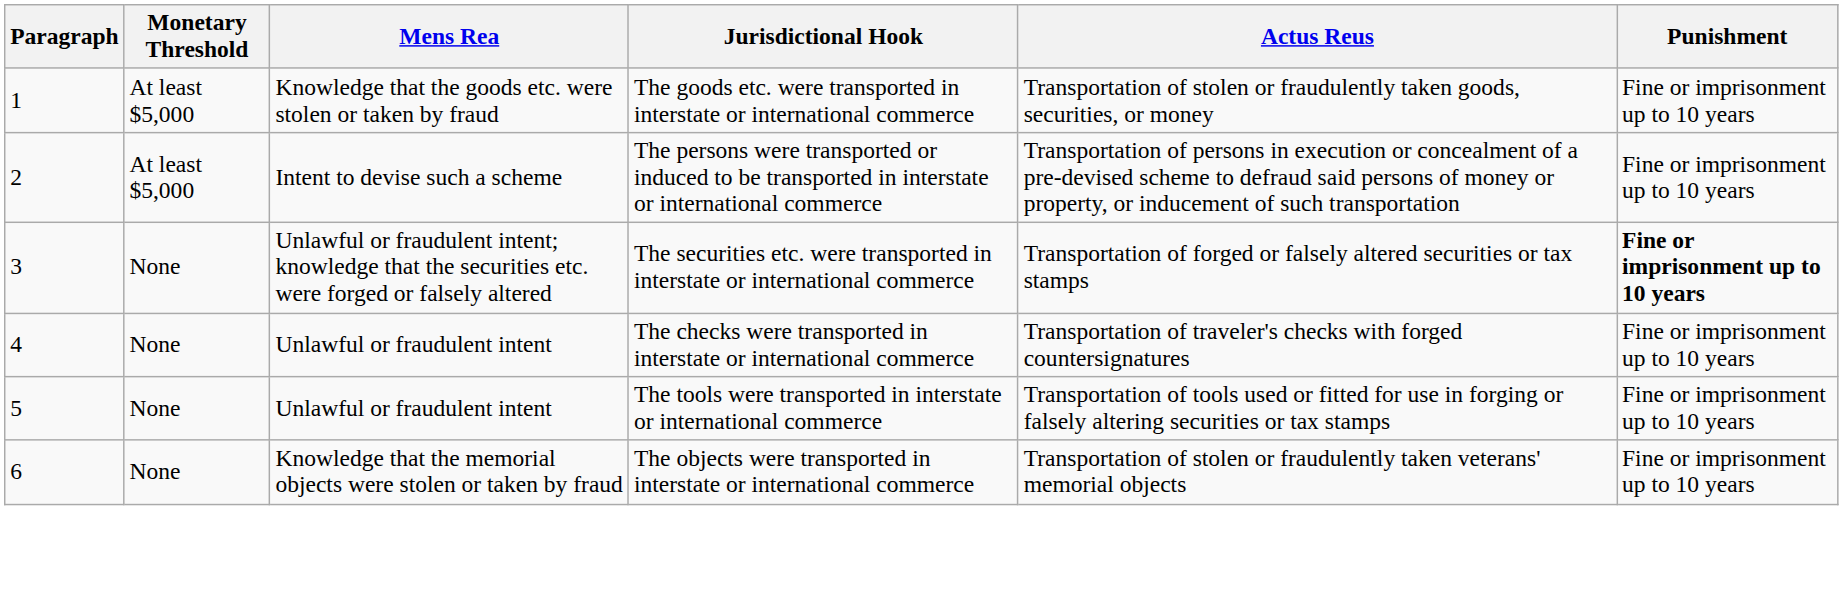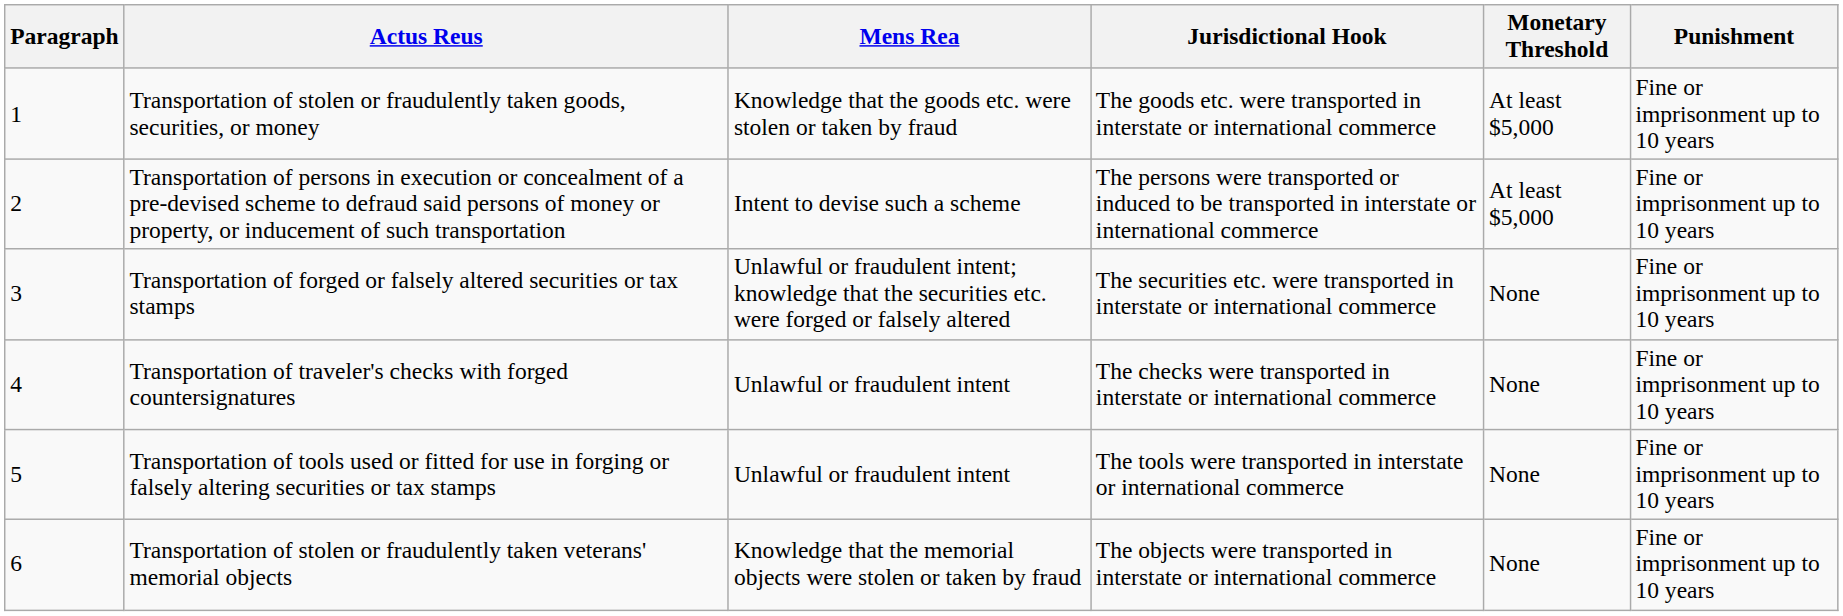 <table class="wikitable">
 <tr>
 <th>Paragraph</th>
-<th>Monetary Threshold</th>
+<th><a href='#'>Actus Reus</a></th>
 <th><a href='#'>Mens Rea</a></th>
 <th>Jurisdictional Hook</th>
-<th><a href='#'>Actus Reus</a></th>
+<th>Monetary Threshold</th>
 <th>Punishment</th>
 </tr>
 <tr>
 <td>1</td>
-<td>At least $5,000</td>
+<td>Transportation of stolen or fraudulently taken goods, securities, or money</td>
 <td>Knowledge that the goods etc. were stolen or taken by fraud</td>
 <td>The goods etc. were transported in interstate or international commerce</td>
-<td>Transportation of stolen or fraudulently taken goods, securities, or money</td>
+<td>At least $5,000</td>
 <td>Fine or imprisonment up to 10 years</td>
 </tr>
 <tr>
 <td>2</td>
-<td>At least $5,000</td>
+<td>Transportation of persons in execution or concealment of a pre-devised scheme to defraud said persons of money or property, or inducement of such transportation</td>
 <td>Intent to devise such a scheme</td>
 <td>The persons were transported or induced to be transported in interstate or international commerce</td>
-<td>Transportation of persons in execution or concealment of a pre-devised scheme to defraud said persons of money or property, or inducement of such transportation</td>
+<td>At least $5,000</td>
 <td>Fine or imprisonment up to 10 years</td>
 </tr>
 <tr>
 <td>3</td>
-<td>None</td>
+<td>Transportation of forged or falsely altered securities or tax stamps</td>
 <td>Unlawful or fraudulent intent; knowledge that the securities etc. were forged or falsely altered</td>
 <td>The securities etc. were transported in interstate or international commerce</td>
-<td>Transportation of forged or falsely altered securities or tax stamps</td>
-<td><strong>Fine or imprisonment up to 10 years</strong></td>
+<td>None</td>
+<td>Fine or imprisonment up to 10 years</td>
 </tr>
 <tr>
 <td>4</td>
-<td>None</td>
+<td>Transportation of traveler's checks with forged countersignatures</td>
 <td>Unlawful or fraudulent intent</td>
 <td>The checks were transported in interstate or international commerce</td>
-<td>Transportation of traveler's checks with forged countersignatures</td>
+<td>None</td>
 <td>Fine or imprisonment up to 10 years</td>
 </tr>
 <tr>
 <td>5</td>
-<td>None</td>
+<td>Transportation of tools used or fitted for use in forging or falsely altering securities or tax stamps</td>
 <td>Unlawful or fraudulent intent</td>
 <td>The tools were transported in interstate or international commerce</td>
-<td>Transportation of tools used or fitted for use in forging or falsely altering securities or tax stamps</td>
+<td>None</td>
 <td>Fine or imprisonment up to 10 years</td>
 </tr>
 <tr>
 <td>6</td>
-<td>None</td>
+<td>Transportation of stolen or fraudulently taken veterans' memorial objects</td>
 <td>Knowledge that the memorial objects were stolen or taken by fraud</td>
 <td>The objects were transported in interstate or international commerce</td>
-<td>Transportation of stolen or fraudulently taken veterans' memorial objects</td>
+<td>None</td>
 <td>Fine or imprisonment up to 10 years</td>
 </tr>
 </table>
